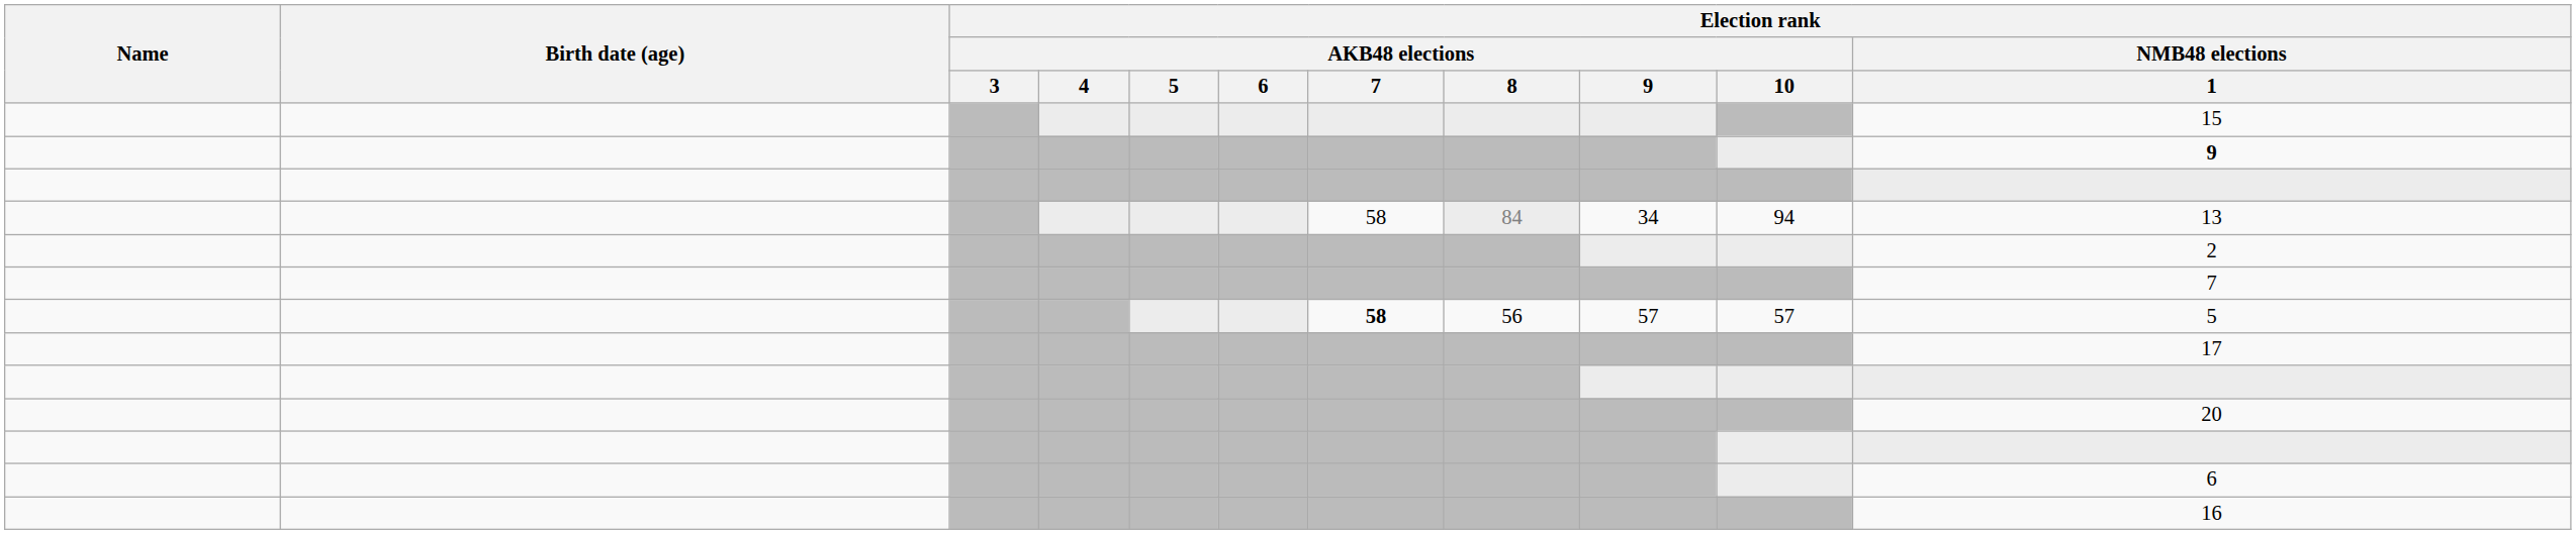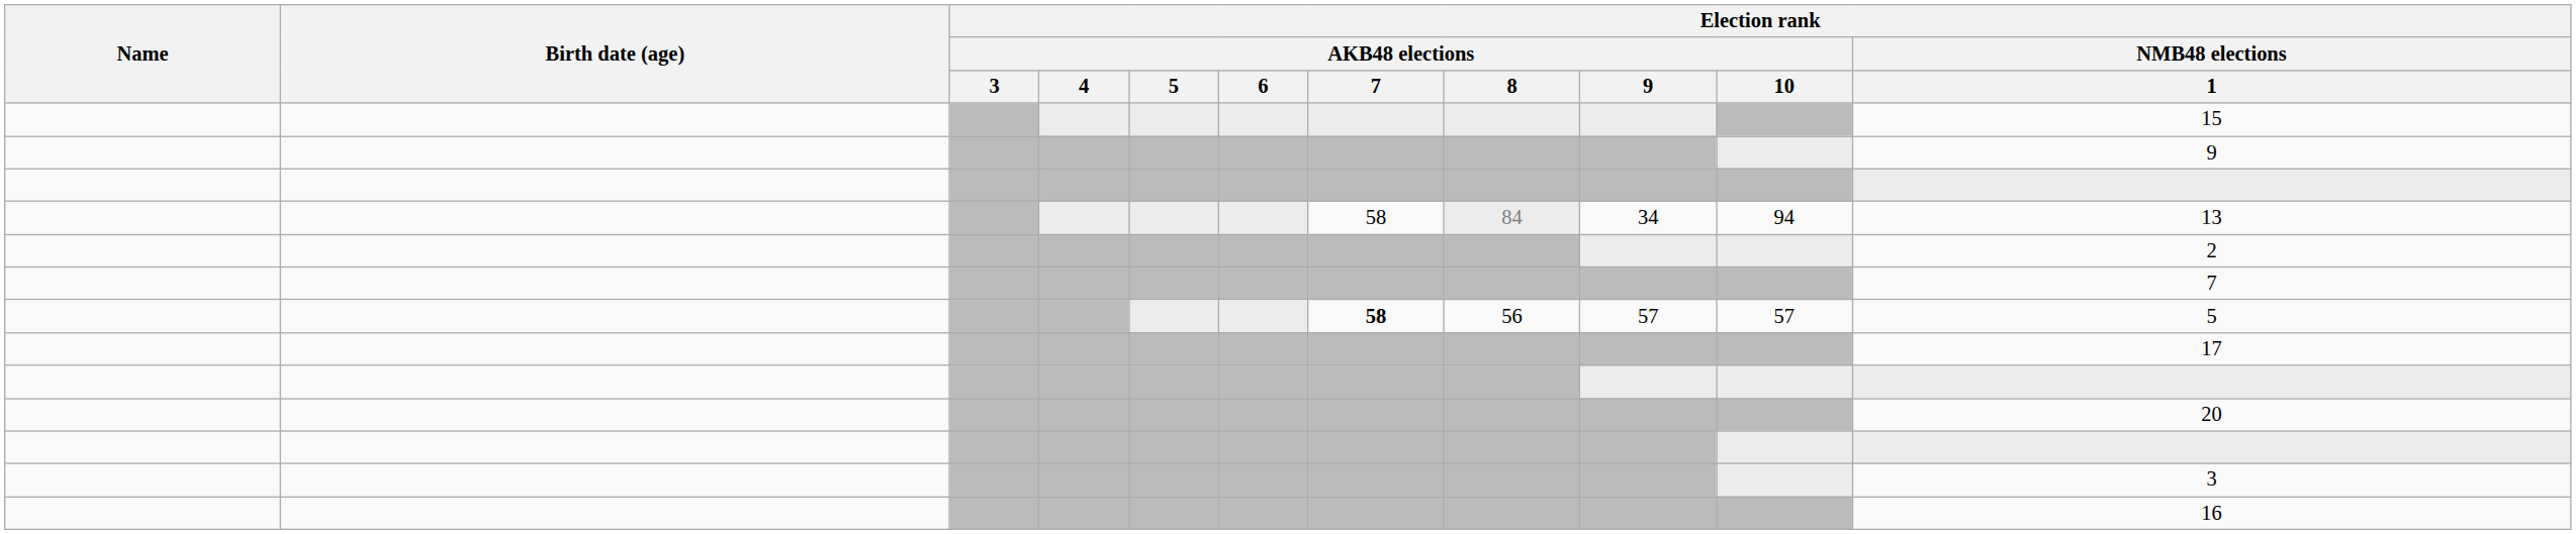 <table class="wikitable sortable"  style="text-align:center; width:100%;">
 <tr>
 <th rowspan="3">Name</th>
 <th rowspan="3">Birth date (age)</th>
 <th colspan="9" class="unsortable">Election rank</th>
 </tr>
 <tr>
 <th colspan="8" class="unsortable">AKB48 elections</th>
 <th colspan="1" class="unsortable">NMB48 elections</th>
 </tr>
 <tr>
 <th data-sort-type="number">3</th>
 <th data-sort-type="number">4</th>
 <th data-sort-type="number">5</th>
 <th data-sort-type="number">6</th>
 <th data-sort-type="number">7</th>
 <th data-sort-type="number">8</th>
 <th data-sort-type="number">9</th>
 <th data-sort-type="number">10</th>
 <th data-sort-type="number">1</th>
 </tr>
 <tr>
 <td style="text-align:left;" data-sort-value="Ishida, Yuumi"></td>
 <td style="text-align:left;"></td>
 <td style="background:#bbb;"> </td>
 <td style="background:#ececec; color:gray;"></td>
 <td style="background:#ececec; color:gray;"></td>
 <td style="background:#ececec; color:gray;"></td>
 <td style="background:#ececec; color:gray;"></td>
 <td style="background:#ececec; color:gray;"></td>
 <td style="background:#ececec; color:gray;"></td>
 <td style="background:#bbb;"> </td>
 <td>15</td>
 </tr>
 <tr>
 <td style="text-align:left;" data-sort-value="Izumi, Ayano"></td>
 <td style="text-align:left;"></td>
 <td style="background:#bbb;"> </td>
 <td style="background:#bbb;"> </td>
 <td style="background:#bbb;"> </td>
 <td style="background:#bbb;"> </td>
 <td style="background:#bbb;"> </td>
 <td style="background:#bbb;"> </td>
 <td style="background:#bbb;"> </td>
 <td style="background:#ececec; color:gray;"></td>
-<td><strong>9</strong></td>
+<td>9</td>
 </tr>
 <tr>
 <td style="text-align:left;" data-sort-value="Okamoto, Rena"></td>
 <td style="text-align:left;"></td>
 <td style="background:#bbb;"> </td>
 <td style="background:#bbb;"> </td>
 <td style="background:#bbb;"> </td>
 <td style="background:#bbb;"> </td>
 <td style="background:#bbb;"> </td>
 <td style="background:#bbb;"> </td>
 <td style="background:#bbb;"> </td>
 <td style="background:#bbb;"> </td>
 <td style="background:#ececec; color:gray;"></td>
 </tr>
 <tr>
 <td style="text-align:left;" data-sort-value="Kato, Yuuka"></td>
 <td style="text-align:left;"></td>
 <td style="background:#bbb;"> </td>
 <td style="background:#ececec; color:gray;"></td>
 <td style="background:#ececec; color:gray;"></td>
 <td style="background:#ececec; color:gray;"></td>
 <td>58</td>
 <td style="background:#ececec; color:gray;">84</td>
 <td>34</td>
 <td>94</td>
 <td>13</td>
 </tr>
 <tr>
 <td style="text-align:left;" data-sort-value="Kojima, Karin"></td>
 <td style="text-align:left;"></td>
 <td style="background:#bbb;"> </td>
 <td style="background:#bbb;"> </td>
 <td style="background:#bbb;"> </td>
 <td style="background:#bbb;"> </td>
 <td style="background:#bbb;"> </td>
 <td style="background:#bbb;"> </td>
 <td style="background:#ececec; color:gray;"></td>
 <td style="background:#ececec; color:gray;"></td>
 <td>2</td>
 </tr>
 <tr>
 <td style="text-align:left;" data-sort-value="Sadano, Haruka"></td>
 <td style="text-align:left;"></td>
 <td style="background:#bbb;"> </td>
 <td style="background:#bbb;"> </td>
 <td style="background:#bbb;"> </td>
 <td style="background:#bbb;"> </td>
 <td style="background:#bbb;"> </td>
 <td style="background:#bbb;"> </td>
 <td style="background:#bbb;"> </td>
 <td style="background:#bbb;"> </td>
 <td>7</td>
 </tr>
 <tr>
 <td style="text-align:left;" data-sort-value="Shibuya, Nagisa"></td>
 <td style="text-align:left;"></td>
 <td style="background:#bbb;"> </td>
 <td style="background:#bbb;"> </td>
 <td style="background:#ececec; color:gray;"></td>
 <td style="background:#ececec; color:gray;"></td>
 <td><strong>58</strong></td>
 <td>56</td>
 <td>57</td>
 <td>57</td>
 <td>5</td>
 </tr>
 <tr>
 <td style="text-align:left;" data-sort-value="Shinzawa, Nao"></td>
 <td style="text-align:left;"></td>
 <td style="background:#bbb;"> </td>
 <td style="background:#bbb;"> </td>
 <td style="background:#bbb;"> </td>
 <td style="background:#bbb;"> </td>
 <td style="background:#bbb;"> </td>
 <td style="background:#bbb;"> </td>
 <td style="background:#bbb;"> </td>
 <td style="background:#bbb;"> </td>
 <td>17</td>
 </tr>
 <tr>
 <td style="text-align:left;" data-sort-value="Nakagawa, Mion"></td>
 <td style="text-align:left;"></td>
 <td style="background:#bbb;"> </td>
 <td style="background:#bbb;"> </td>
 <td style="background:#bbb;"> </td>
 <td style="background:#bbb;"> </td>
 <td style="background:#bbb;"> </td>
 <td style="background:#bbb;"> </td>
 <td style="background:#ececec; color:gray;"></td>
 <td style="background:#ececec; color:gray;"></td>
 <td style="background:#ececec; color:gray;"></td>
 </tr>
 <tr>
 <td style="text-align:left;" data-sort-value="Hirayama, Mai"></td>
 <td style="text-align:left;"></td>
 <td style="background:#bbb;"> </td>
 <td style="background:#bbb;"> </td>
 <td style="background:#bbb;"> </td>
 <td style="background:#bbb;"> </td>
 <td style="background:#bbb;"> </td>
 <td style="background:#bbb;"> </td>
 <td style="background:#bbb;"> </td>
 <td style="background:#bbb;"> </td>
 <td>20</td>
 </tr>
 <tr>
 <td style="text-align:left;" data-sort-value="Minami, Haasa"></td>
 <td style="text-align:left;"></td>
 <td style="background:#bbb;"> </td>
 <td style="background:#bbb;"> </td>
 <td style="background:#bbb;"> </td>
 <td style="background:#bbb;"> </td>
 <td style="background:#bbb;"> </td>
 <td style="background:#bbb;"> </td>
 <td style="background:#bbb;"> </td>
 <td style="background:#ececec; color:gray;"></td>
 <td style="background:#ececec; color:gray;"></td>
 </tr>
 <tr>
 <td style="text-align:left;" data-sort-value="Yamamoto, Mikana"></td>
 <td style="text-align:left;"></td>
 <td style="background:#bbb;"> </td>
 <td style="background:#bbb;"> </td>
 <td style="background:#bbb;"> </td>
 <td style="background:#bbb;"> </td>
 <td style="background:#bbb;"> </td>
 <td style="background:#bbb;"> </td>
 <td style="background:#bbb;"> </td>
 <td style="background:#ececec; color:gray;"></td>
-<td>6</td>
+<td>3</td>
 </tr>
 <tr>
 <td style="text-align:left;" data-sort-value="Wada, Miyu"></td>
 <td style="text-align:left;"></td>
 <td style="background:#bbb;"> </td>
 <td style="background:#bbb;"> </td>
 <td style="background:#bbb;"> </td>
 <td style="background:#bbb;"> </td>
 <td style="background:#bbb;"> </td>
 <td style="background:#bbb;"> </td>
 <td style="background:#bbb;"> </td>
 <td style="background:#bbb;"> </td>
 <td>16</td>
 </tr>
 </table>
